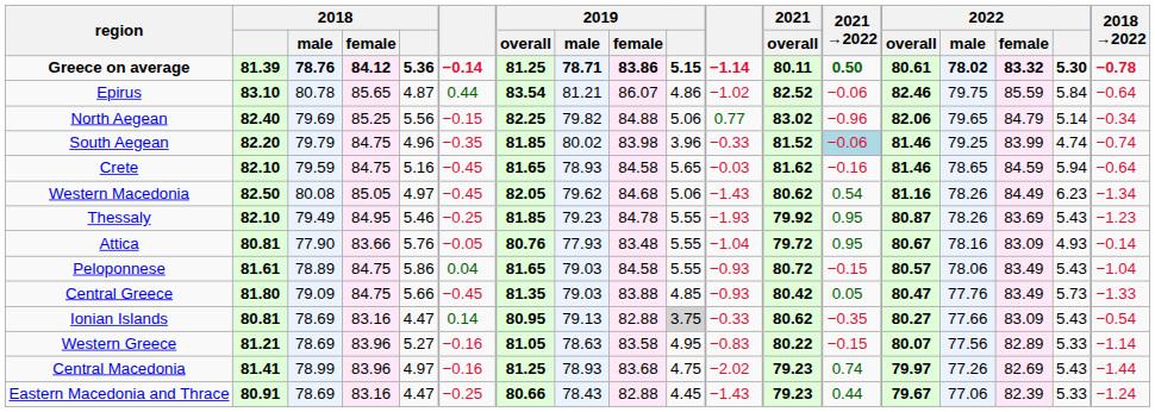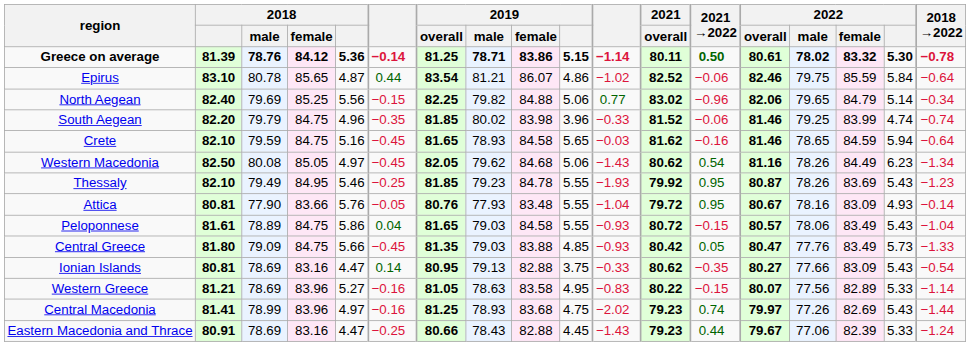 <table class="wikitable sortable mw-datatable static-row-numbers sort-under col1left col6right col11right col13right col18right" style="text-align:center;">
 <tr>
 <th rowspan=2 style="vertical-align:middle;">region</th>
 <th colspan=4>2018</th>
 <th rowspan=2 style="vertical-align:middle;border-left-width:2px;"></th>
 <th colspan=4 style="border-left-width:2px;">2019</th>
 <th rowspan=2 style="vertical-align:middle;border-left-width:2px;"></th>
 <th style="border-left-width:2px;">2021</th>
 <th rowspan=2 style="vertical-align:middle;border-left-width:2px;">2021<br>→2022</th>
 <th colspan=4 style="border-left-width:2px;">2022</th>
 <th rowspan=2 style="vertical-align:middle;border-left-width:2px;">2018<br>→2022</th>
 </tr>
 <tr>
 <th style="vertical-align:middle;min-width:3em;"></th>
 <th style="vertical-align:middle;min-width:3em;">male</th>
 <th style="vertical-align:middle;min-width:3em;">female</th>
 <th></th>
 <th style="vertical-align:middle;min-width:3em;border-left-width:2px;">overall</th>
 <th style="vertical-align:middle;min-width:3em;">male</th>
 <th style="vertical-align:middle;min-width:3em;">female</th>
 <th></th>
 <th style="vertical-align:middle;min-width:3em;border-left-width:2px;">overall</th>
 <th style="vertical-align:middle;min-width:3em;border-left-width:2px;">overall</th>
 <th style="vertical-align:middle;min-width:3em;">male</th>
 <th style="vertical-align:middle;min-width:3em;">female</th>
 <th></th>
 </tr>
 <tr class=static-row-header>
 <td><strong>Greece on average</strong></td>
 <td style="background:#e0ffd8;"><strong>81.39</strong></td>
 <td style="background:#eaf3ff;"><strong>78.76</strong></td>
 <td style="background:#fee7f6;"><strong>84.12</strong></td>
 <td><strong>5.36</strong></td>
 <td style="padding-right:1.5ex;color:crimson;border-left-width:2px;"><strong>−0.14</strong></td>
 <td style="background:#e0ffd8;border-left-width:2px;"><strong>81.25</strong></td>
 <td style="background:#eaf3ff;"><strong>78.71</strong></td>
 <td style="background:#fee7f6;"><strong>83.86</strong></td>
 <td><strong>5.15</strong></td>
 <td style="padding-right:1.5ex;color:crimson;border-left-width:2px;"><strong>−1.14</strong></td>
 <td style="background:#e0ffd8;border-left-width:2px;"><strong>80.11</strong></td>
 <td style="padding-right:1.5ex;color:darkgreen;border-left-width:2px;"><strong>0.50</strong></td>
 <td style="background:#e0ffd8;border-left-width:2px;"><strong>80.61</strong></td>
 <td style="background:#eaf3ff;"><strong>78.02</strong></td>
 <td style="background:#fee7f6;"><strong>83.32</strong></td>
 <td><strong>5.30</strong></td>
 <td style="padding-right:1.5ex;color:crimson;border-left-width:2px;"><strong>−0.78</strong></td>
 </tr>
 <tr>
 <td><a href='#'>Epirus</a></td>
 <td style="background:#e0ffd8;"><strong>83.10</strong></td>
 <td style="background:#eaf3ff;">80.78</td>
 <td style="background:#fee7f6;">85.65</td>
 <td>4.87</td>
 <td style="padding-right:1.5ex;color:darkgreen;border-left-width:2px;">0.44</td>
 <td style="background:#e0ffd8;border-left-width:2px;"><strong>83.54</strong></td>
 <td style="background:#eaf3ff;">81.21</td>
 <td style="background:#fee7f6;">86.07</td>
 <td>4.86</td>
 <td style="padding-right:1.5ex;color:crimson;border-left-width:2px;">−1.02</td>
 <td style="background:#e0ffd8;border-left-width:2px;"><strong>82.52</strong></td>
 <td style="padding-right:1.5ex;color:crimson;border-left-width:2px;">−0.06</td>
 <td style="background:#e0ffd8;border-left-width:2px;"><strong>82.46</strong></td>
 <td style="background:#eaf3ff;">79.75</td>
 <td style="background:#fee7f6;">85.59</td>
 <td>5.84</td>
 <td style="padding-right:1.5ex;color:crimson;border-left-width:2px;">−0.64</td>
 </tr>
 <tr>
 <td><a href='#'>North Aegean</a></td>
 <td style="background:#e0ffd8;"><strong>82.40</strong></td>
 <td style="background:#eaf3ff;">79.69</td>
 <td style="background:#fee7f6;">85.25</td>
 <td>5.56</td>
 <td style="padding-right:1.5ex;color:crimson;border-left-width:2px;">−0.15</td>
 <td style="background:#e0ffd8;border-left-width:2px;"><strong>82.25</strong></td>
 <td style="background:#eaf3ff;">79.82</td>
 <td style="background:#fee7f6;">84.88</td>
 <td>5.06</td>
 <td style="padding-right:1.5ex;color:darkgreen;border-left-width:2px;">0.77</td>
 <td style="background:#e0ffd8;border-left-width:2px;"><strong>83.02</strong></td>
 <td style="padding-right:1.5ex;color:crimson;border-left-width:2px;">−0.96</td>
 <td style="background:#e0ffd8;border-left-width:2px;"><strong>82.06</strong></td>
 <td style="background:#eaf3ff;">79.65</td>
 <td style="background:#fee7f6;">84.79</td>
 <td>5.14</td>
 <td style="padding-right:1.5ex;color:crimson;border-left-width:2px;">−0.34</td>
 </tr>
 <tr>
 <td><a href='#'>South Aegean</a></td>
 <td style="background:#e0ffd8;"><strong>82.20</strong></td>
 <td style="background:#eaf3ff;">79.79</td>
 <td style="background:#fee7f6;">84.75</td>
 <td>4.96</td>
 <td style="padding-right:1.5ex;color:crimson;border-left-width:2px;">−0.35</td>
 <td style="background:#e0ffd8;border-left-width:2px;"><strong>81.85</strong></td>
 <td style="background:#eaf3ff;">80.02</td>
 <td style="background:#fee7f6;">83.98</td>
 <td>3.96</td>
 <td style="padding-right:1.5ex;color:crimson;border-left-width:2px;">−0.33</td>
 <td style="background:#e0ffd8;border-left-width:2px;"><strong>81.52</strong></td>
-<td style="background: lightblue; padding-right:1.5ex;color:crimson;border-left-width:2px;">−0.06</td>
+<td style="padding-right:1.5ex;color:crimson;border-left-width:2px;">−0.06</td>
 <td style="background:#e0ffd8;border-left-width:2px;"><strong>81.46</strong></td>
 <td style="background:#eaf3ff;">79.25</td>
 <td style="background:#fee7f6;">83.99</td>
 <td>4.74</td>
 <td style="padding-right:1.5ex;color:crimson;border-left-width:2px;">−0.74</td>
 </tr>
 <tr>
 <td><a href='#'>Crete</a></td>
 <td style="background:#e0ffd8;"><strong>82.10</strong></td>
 <td style="background:#eaf3ff;">79.59</td>
 <td style="background:#fee7f6;">84.75</td>
 <td>5.16</td>
 <td style="padding-right:1.5ex;color:crimson;border-left-width:2px;">−0.45</td>
 <td style="background:#e0ffd8;border-left-width:2px;"><strong>81.65</strong></td>
 <td style="background:#eaf3ff;">78.93</td>
 <td style="background:#fee7f6;">84.58</td>
 <td>5.65</td>
 <td style="padding-right:1.5ex;color:crimson;border-left-width:2px;">−0.03</td>
 <td style="background:#e0ffd8;border-left-width:2px;"><strong>81.62</strong></td>
 <td style="padding-right:1.5ex;color:crimson;border-left-width:2px;">−0.16</td>
 <td style="background:#e0ffd8;border-left-width:2px;"><strong>81.46</strong></td>
 <td style="background:#eaf3ff;">78.65</td>
 <td style="background:#fee7f6;">84.59</td>
 <td>5.94</td>
 <td style="padding-right:1.5ex;color:crimson;border-left-width:2px;">−0.64</td>
 </tr>
 <tr>
 <td><a href='#'>Western Macedonia</a></td>
 <td style="background:#e0ffd8;"><strong>82.50</strong></td>
 <td style="background:#eaf3ff;">80.08</td>
 <td style="background:#fee7f6;">85.05</td>
 <td>4.97</td>
 <td style="padding-right:1.5ex;color:crimson;border-left-width:2px;">−0.45</td>
 <td style="background:#e0ffd8;border-left-width:2px;"><strong>82.05</strong></td>
 <td style="background:#eaf3ff;">79.62</td>
 <td style="background:#fee7f6;">84.68</td>
 <td>5.06</td>
 <td style="padding-right:1.5ex;color:crimson;border-left-width:2px;">−1.43</td>
 <td style="background:#e0ffd8;border-left-width:2px;"><strong>80.62</strong></td>
 <td style="padding-right:1.5ex;color:darkgreen;border-left-width:2px;">0.54</td>
 <td style="background:#e0ffd8;border-left-width:2px;"><strong>81.16</strong></td>
 <td style="background:#eaf3ff;">78.26</td>
 <td style="background:#fee7f6;">84.49</td>
 <td>6.23</td>
 <td style="padding-right:1.5ex;color:crimson;border-left-width:2px;">−1.34</td>
 </tr>
 <tr>
 <td><a href='#'>Thessaly</a></td>
 <td style="background:#e0ffd8;"><strong>82.10</strong></td>
 <td style="background:#eaf3ff;">79.49</td>
 <td style="background:#fee7f6;">84.95</td>
 <td>5.46</td>
 <td style="padding-right:1.5ex;color:crimson;border-left-width:2px;">−0.25</td>
 <td style="background:#e0ffd8;border-left-width:2px;"><strong>81.85</strong></td>
 <td style="background:#eaf3ff;">79.23</td>
 <td style="background:#fee7f6;">84.78</td>
 <td>5.55</td>
 <td style="padding-right:1.5ex;color:crimson;border-left-width:2px;">−1.93</td>
 <td style="background:#e0ffd8;border-left-width:2px;"><strong>79.92</strong></td>
 <td style="padding-right:1.5ex;color:darkgreen;border-left-width:2px;">0.95</td>
 <td style="background:#e0ffd8;border-left-width:2px;"><strong>80.87</strong></td>
 <td style="background:#eaf3ff;">78.26</td>
 <td style="background:#fee7f6;">83.69</td>
 <td>5.43</td>
 <td style="padding-right:1.5ex;color:crimson;border-left-width:2px;">−1.23</td>
 </tr>
 <tr>
 <td><a href='#'>Attica</a></td>
 <td style="background:#e0ffd8;"><strong>80.81</strong></td>
 <td style="background:#eaf3ff;">77.90</td>
 <td style="background:#fee7f6;">83.66</td>
 <td>5.76</td>
 <td style="padding-right:1.5ex;color:crimson;border-left-width:2px;">−0.05</td>
 <td style="background:#e0ffd8;border-left-width:2px;"><strong>80.76</strong></td>
 <td style="background:#eaf3ff;">77.93</td>
 <td style="background:#fee7f6;">83.48</td>
 <td>5.55</td>
 <td style="padding-right:1.5ex;color:crimson;border-left-width:2px;">−1.04</td>
 <td style="background:#e0ffd8;border-left-width:2px;"><strong>79.72</strong></td>
 <td style="padding-right:1.5ex;color:darkgreen;border-left-width:2px;">0.95</td>
 <td style="background:#e0ffd8;border-left-width:2px;"><strong>80.67</strong></td>
 <td style="background:#eaf3ff;">78.16</td>
 <td style="background:#fee7f6;">83.09</td>
 <td>4.93</td>
 <td style="padding-right:1.5ex;color:crimson;border-left-width:2px;">−0.14</td>
 </tr>
 <tr>
 <td><a href='#'>Peloponnese</a></td>
 <td style="background:#e0ffd8;"><strong>81.61</strong></td>
 <td style="background:#eaf3ff;">78.89</td>
 <td style="background:#fee7f6;">84.75</td>
 <td>5.86</td>
 <td style="padding-right:1.5ex;color:darkgreen;border-left-width:2px;">0.04</td>
 <td style="background:#e0ffd8;border-left-width:2px;"><strong>81.65</strong></td>
 <td style="background:#eaf3ff;">79.03</td>
 <td style="background:#fee7f6;">84.58</td>
 <td>5.55</td>
 <td style="padding-right:1.5ex;color:crimson;border-left-width:2px;">−0.93</td>
 <td style="background:#e0ffd8;border-left-width:2px;"><strong>80.72</strong></td>
 <td style="padding-right:1.5ex;color:crimson;border-left-width:2px;">−0.15</td>
 <td style="background:#e0ffd8;border-left-width:2px;"><strong>80.57</strong></td>
 <td style="background:#eaf3ff;">78.06</td>
 <td style="background:#fee7f6;">83.49</td>
 <td>5.43</td>
 <td style="padding-right:1.5ex;color:crimson;border-left-width:2px;">−1.04</td>
 </tr>
 <tr>
 <td><a href='#'>Central Greece</a></td>
 <td style="background:#e0ffd8;"><strong>81.80</strong></td>
 <td style="background:#eaf3ff;">79.09</td>
 <td style="background:#fee7f6;">84.75</td>
 <td>5.66</td>
 <td style="padding-right:1.5ex;color:crimson;border-left-width:2px;">−0.45</td>
 <td style="background:#e0ffd8;border-left-width:2px;"><strong>81.35</strong></td>
 <td style="background:#eaf3ff;">79.03</td>
 <td style="background:#fee7f6;">83.88</td>
 <td>4.85</td>
 <td style="padding-right:1.5ex;color:crimson;border-left-width:2px;">−0.93</td>
 <td style="background:#e0ffd8;border-left-width:2px;"><strong>80.42</strong></td>
 <td style="padding-right:1.5ex;color:darkgreen;border-left-width:2px;">0.05</td>
 <td style="background:#e0ffd8;border-left-width:2px;"><strong>80.47</strong></td>
 <td style="background:#eaf3ff;">77.76</td>
 <td style="background:#fee7f6;">83.49</td>
 <td>5.73</td>
 <td style="padding-right:1.5ex;color:crimson;border-left-width:2px;">−1.33</td>
 </tr>
 <tr>
 <td><a href='#'>Ionian Islands</a></td>
 <td style="background:#e0ffd8;"><strong>80.81</strong></td>
 <td style="background:#eaf3ff;">78.69</td>
 <td style="background:#fee7f6;">83.16</td>
 <td>4.47</td>
 <td style="padding-right:1.5ex;color:darkgreen;border-left-width:2px;">0.14</td>
 <td style="background:#e0ffd8;border-left-width:2px;"><strong>80.95</strong></td>
 <td style="background:#eaf3ff;">79.13</td>
 <td style="background:#fee7f6;">82.88</td>
-<td style="background: lightgrey;">3.75</td>
+<td>3.75</td>
 <td style="padding-right:1.5ex;color:crimson;border-left-width:2px;">−0.33</td>
 <td style="background:#e0ffd8;border-left-width:2px;"><strong>80.62</strong></td>
 <td style="padding-right:1.5ex;color:crimson;border-left-width:2px;">−0.35</td>
 <td style="background:#e0ffd8;border-left-width:2px;"><strong>80.27</strong></td>
 <td style="background:#eaf3ff;">77.66</td>
 <td style="background:#fee7f6;">83.09</td>
 <td>5.43</td>
 <td style="padding-right:1.5ex;color:crimson;border-left-width:2px;">−0.54</td>
 </tr>
 <tr>
 <td><a href='#'>Western Greece</a></td>
 <td style="background:#e0ffd8;"><strong>81.21</strong></td>
 <td style="background:#eaf3ff;">78.69</td>
 <td style="background:#fee7f6;">83.96</td>
 <td>5.27</td>
 <td style="padding-right:1.5ex;color:crimson;border-left-width:2px;">−0.16</td>
 <td style="background:#e0ffd8;border-left-width:2px;"><strong>81.05</strong></td>
 <td style="background:#eaf3ff;">78.63</td>
 <td style="background:#fee7f6;">83.58</td>
 <td>4.95</td>
 <td style="padding-right:1.5ex;color:crimson;border-left-width:2px;">−0.83</td>
 <td style="background:#e0ffd8;border-left-width:2px;"><strong>80.22</strong></td>
 <td style="padding-right:1.5ex;color:crimson;border-left-width:2px;">−0.15</td>
 <td style="background:#e0ffd8;border-left-width:2px;"><strong>80.07</strong></td>
 <td style="background:#eaf3ff;">77.56</td>
 <td style="background:#fee7f6;">82.89</td>
 <td>5.33</td>
 <td style="padding-right:1.5ex;color:crimson;border-left-width:2px;">−1.14</td>
 </tr>
 <tr>
 <td><a href='#'>Central Macedonia</a></td>
 <td style="background:#e0ffd8;"><strong>81.41</strong></td>
 <td style="background:#eaf3ff;">78.99</td>
 <td style="background:#fee7f6;">83.96</td>
 <td>4.97</td>
 <td style="padding-right:1.5ex;color:crimson;border-left-width:2px;">−0.16</td>
 <td style="background:#e0ffd8;border-left-width:2px;"><strong>81.25</strong></td>
 <td style="background:#eaf3ff;">78.93</td>
 <td style="background:#fee7f6;">83.68</td>
 <td>4.75</td>
 <td style="padding-right:1.5ex;color:crimson;border-left-width:2px;">−2.02</td>
 <td style="background:#e0ffd8;border-left-width:2px;"><strong>79.23</strong></td>
 <td style="padding-right:1.5ex;color:darkgreen;border-left-width:2px;">0.74</td>
 <td style="background:#e0ffd8;border-left-width:2px;"><strong>79.97</strong></td>
 <td style="background:#eaf3ff;">77.26</td>
 <td style="background:#fee7f6;">82.69</td>
 <td>5.43</td>
 <td style="padding-right:1.5ex;color:crimson;border-left-width:2px;">−1.44</td>
 </tr>
 <tr>
 <td><a href='#'>Eastern Macedonia and Thrace</a></td>
 <td style="background:#e0ffd8;"><strong>80.91</strong></td>
 <td style="background:#eaf3ff;">78.69</td>
 <td style="background:#fee7f6;">83.16</td>
 <td>4.47</td>
 <td style="padding-right:1.5ex;color:crimson;border-left-width:2px;">−0.25</td>
 <td style="background:#e0ffd8;border-left-width:2px;"><strong>80.66</strong></td>
 <td style="background:#eaf3ff;">78.43</td>
 <td style="background:#fee7f6;">82.88</td>
 <td>4.45</td>
 <td style="padding-right:1.5ex;color:crimson;border-left-width:2px;">−1.43</td>
 <td style="background:#e0ffd8;border-left-width:2px;"><strong>79.23</strong></td>
 <td style="padding-right:1.5ex;color:darkgreen;border-left-width:2px;">0.44</td>
 <td style="background:#e0ffd8;border-left-width:2px;"><strong>79.67</strong></td>
 <td style="background:#eaf3ff;">77.06</td>
 <td style="background:#fee7f6;">82.39</td>
 <td>5.33</td>
 <td style="padding-right:1.5ex;color:crimson;border-left-width:2px;">−1.24</td>
 </tr>
 </table>
